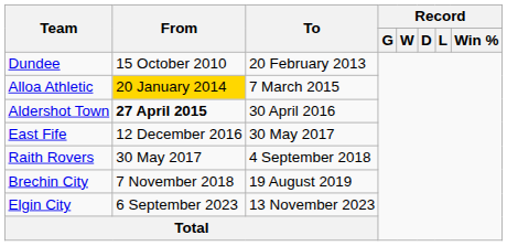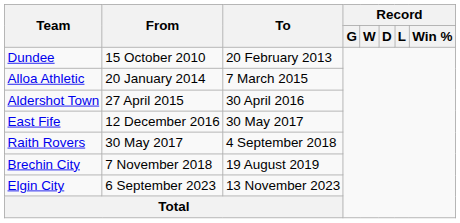 <table class="wikitable" style="text-align: center">
 <tr>
 <th rowspan="2">Team</th>
 <th rowspan="2">From</th>
 <th rowspan="2">To</th>
 <th colspan="5">Record</th>
 </tr>
 <tr>
 <th>G</th>
 <th>W</th>
 <th>D</th>
 <th>L</th>
 <th>Win %</th>
 </tr>
 <tr>
 <td align=left><a href='#'>Dundee</a></td>
 <td align=left>15 October 2010</td>
 <td align=left>20 February 2013<br></td>
 </tr>
 <tr>
 <td align=left><a href='#'>Alloa Athletic</a></td>
-<td align=left style="background: gold;">20 January 2014</td>
+<td align=left>20 January 2014</td>
 <td align=left>7 March 2015<br></td>
 </tr>
 <tr>
 <td align=left><a href='#'>Aldershot Town</a></td>
-<td align=left><strong>27 April 2015</strong></td>
+<td align=left>27 April 2015</td>
 <td align=left>30 April 2016<br></td>
 </tr>
 <tr>
 <td align=left><a href='#'>East Fife</a></td>
 <td align=left>12 December 2016</td>
 <td align=left>30 May 2017<br></td>
 </tr>
 <tr>
 <td align=left><a href='#'>Raith Rovers</a></td>
 <td align=left>30 May 2017</td>
 <td align=left>4 September 2018<br></td>
 </tr>
 <tr>
 <td align=left><a href='#'>Brechin City</a></td>
 <td align=left>7 November 2018</td>
 <td align=left>19 August 2019<br></td>
 </tr>
 <tr>
 <td align=left><a href='#'>Elgin City</a></td>
 <td align=left>6 September 2023</td>
 <td align=left>13 November 2023<br></td>
 </tr>
 <tr>
 <th colspan=3>Total<br></th>
 </tr>
 </table>
